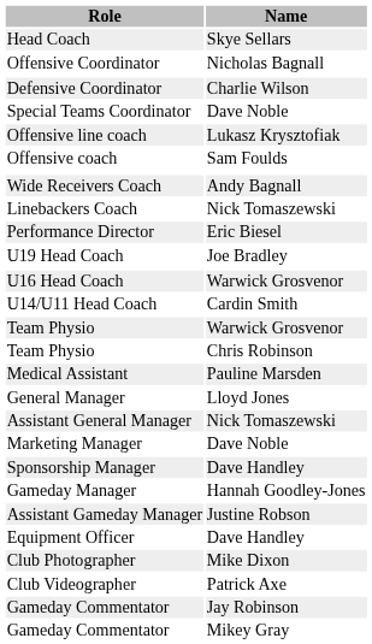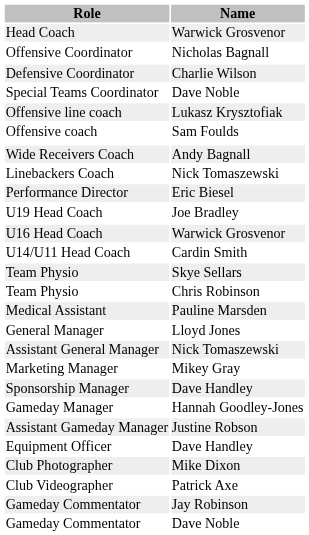 <table class="toccolours">
 <tr>
 <th style="background:silver;">Role</th>
 <th style="background:silver;">Name</th>
 </tr>
 <tr style="background:#eee;">
 <td>Head Coach</td>
-<td> Skye Sellars</td>
+<td> Warwick Grosvenor</td>
 </tr>
 <tr>
 <td>Offensive Coordinator</td>
 <td> Nicholas Bagnall</td>
 </tr>
 <tr>
 </tr>
 <tr style="background:#eee;">
 <td>Defensive Coordinator</td>
 <td> Charlie Wilson</td>
 </tr>
 <tr>
 <td>Special Teams Coordinator</td>
 <td> Dave Noble</td>
 </tr>
 <tr style="background:#eee;">
 <td>Offensive line coach</td>
 <td> Lukasz Krysztofiak</td>
 </tr>
 <tr>
 <td>Offensive coach</td>
 <td> Sam Foulds</td>
 </tr>
 <tr style="background:#eee;">
 </tr>
 <tr>
 </tr>
 <tr style="background:#eee;">
 <td>Wide Receivers Coach</td>
 <td> Andy Bagnall</td>
 </tr>
 <tr>
 <td>Linebackers Coach</td>
 <td> Nick Tomaszewski</td>
 </tr>
 <tr style="background:#eee;">
 <td>Performance Director</td>
 <td> Eric Biesel</td>
 </tr>
 <tr>
 <td>U19 Head Coach</td>
 <td> Joe Bradley</td>
 </tr>
 <tr>
 </tr>
 <tr style="background:#eee;">
 <td>U16 Head Coach</td>
 <td> Warwick Grosvenor</td>
 </tr>
 <tr>
 <td>U14/U11 Head Coach</td>
 <td> Cardin Smith</td>
 </tr>
 <tr style="background:#eee;">
 <td>Team Physio</td>
-<td> Warwick Grosvenor</td>
+<td> Skye Sellars</td>
 </tr>
 <tr>
 <td>Team Physio</td>
 <td> Chris Robinson</td>
 </tr>
 <tr style="background:#eee;">
 <td>Medical Assistant</td>
 <td> Pauline Marsden</td>
 </tr>
 <tr>
 <td>General Manager</td>
 <td> Lloyd Jones</td>
 </tr>
 <tr style="background:#eee;">
 <td>Assistant General Manager</td>
 <td> Nick Tomaszewski</td>
 </tr>
 <tr>
 <td>Marketing Manager</td>
-<td> Dave Noble</td>
+<td> Mikey Gray</td>
 </tr>
 <tr style="background:#eee;">
 <td>Sponsorship Manager</td>
 <td> Dave Handley</td>
 </tr>
 <tr>
 <td>Gameday Manager</td>
 <td> Hannah Goodley-Jones</td>
 </tr>
 <tr style="background:#eee;">
 <td>Assistant Gameday Manager</td>
 <td> Justine Robson</td>
 </tr>
 <tr>
 <td>Equipment Officer</td>
 <td> Dave Handley</td>
 </tr>
 <tr style="background:#eee;">
 <td>Club Photographer</td>
 <td> Mike Dixon</td>
 </tr>
 <tr>
 <td>Club Videographer</td>
 <td> Patrick Axe</td>
 </tr>
 <tr style="background:#eee;">
 <td>Gameday Commentator</td>
 <td> Jay Robinson</td>
 </tr>
 <tr>
 <td>Gameday Commentator</td>
-<td> Mikey Gray</td>
+<td> Dave Noble</td>
 </tr>
 <tr style="background:#eee;">
 </tr>
 <tr>
 </tr>
 </table>
